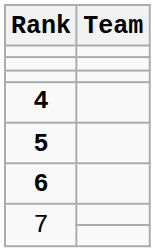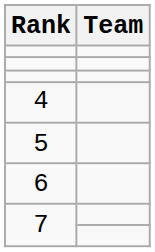 <table class=wikitable style="text-align:center;">
 <tr>
 <th>Rank</th>
 <th>Team</th>
 </tr>
 <tr>
 <td></td>
 <td align=left></td>
 </tr>
 <tr>
 <td></td>
 <td align=left></td>
 </tr>
 <tr>
 <td></td>
 <td align=left></td>
 </tr>
 <tr>
-<td><strong>4</strong></td>
+<td>4</td>
 <td align=left></td>
 </tr>
 <tr>
-<td><strong>5</strong></td>
+<td>5</td>
 <td align=left></td>
 </tr>
 <tr>
-<td><strong>6</strong></td>
+<td>6</td>
 <td align=left></td>
 </tr>
 <tr>
 <td rowspan=2>7</td>
 <td align=left></td>
 </tr>
 <tr>
 <td align=left></td>
 </tr>
 </table>
